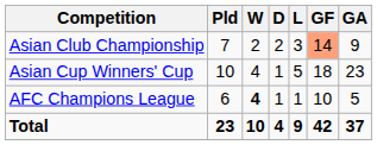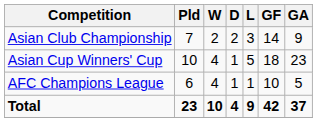 <table class="wikitable">
 <tr>
 <th>Competition</th>
 <th>Pld</th>
 <th>W</th>
 <th>D</th>
 <th>L</th>
 <th>GF</th>
 <th>GA</th>
 </tr>
 <tr>
 <td><a href='#'>Asian Club Championship</a></td>
 <td style="text-align:center;">7</td>
 <td style="text-align:center;">2</td>
 <td style="text-align:center;">2</td>
 <td style="text-align:center;">3</td>
-<td style="background: lightsalmon; text-align:center;">14</td>
+<td style="text-align:center;">14</td>
 <td style="text-align:center;">9</td>
 </tr>
 <tr>
 <td><a href='#'>Asian Cup Winners' Cup</a></td>
 <td style="text-align:center;">10</td>
 <td style="text-align:center;">4</td>
 <td style="text-align:center;">1</td>
 <td style="text-align:center;">5</td>
 <td style="text-align:center;">18</td>
 <td style="text-align:center;">23</td>
 </tr>
 <tr>
 <td><a href='#'>AFC Champions League</a></td>
 <td style="text-align:center;">6</td>
-<td style="text-align:center;"><strong>4</strong></td>
+<td style="text-align:center;">4</td>
 <td style="text-align:center;">1</td>
 <td style="text-align:center;">1</td>
 <td style="text-align:center;">10</td>
 <td style="text-align:center;">5</td>
 </tr>
 <tr>
 <td><strong>Total</strong></td>
 <td style="text-align:center;"><strong>23</strong></td>
 <td style="text-align:center;"><strong>10</strong></td>
 <td style="text-align:center;"><strong>4</strong></td>
 <td style="text-align:center;"><strong>9</strong></td>
 <td style="text-align:center;"><strong>42</strong></td>
 <td style="text-align:center;"><strong>37</strong></td>
 </tr>
 <tr>
 </tr>
 </table>
